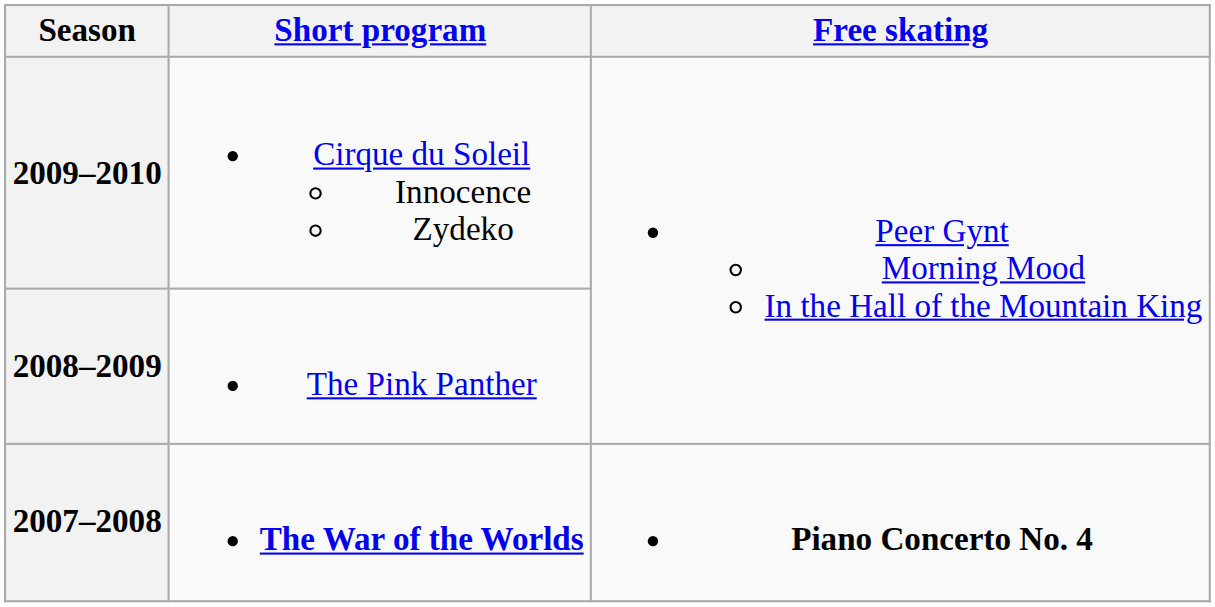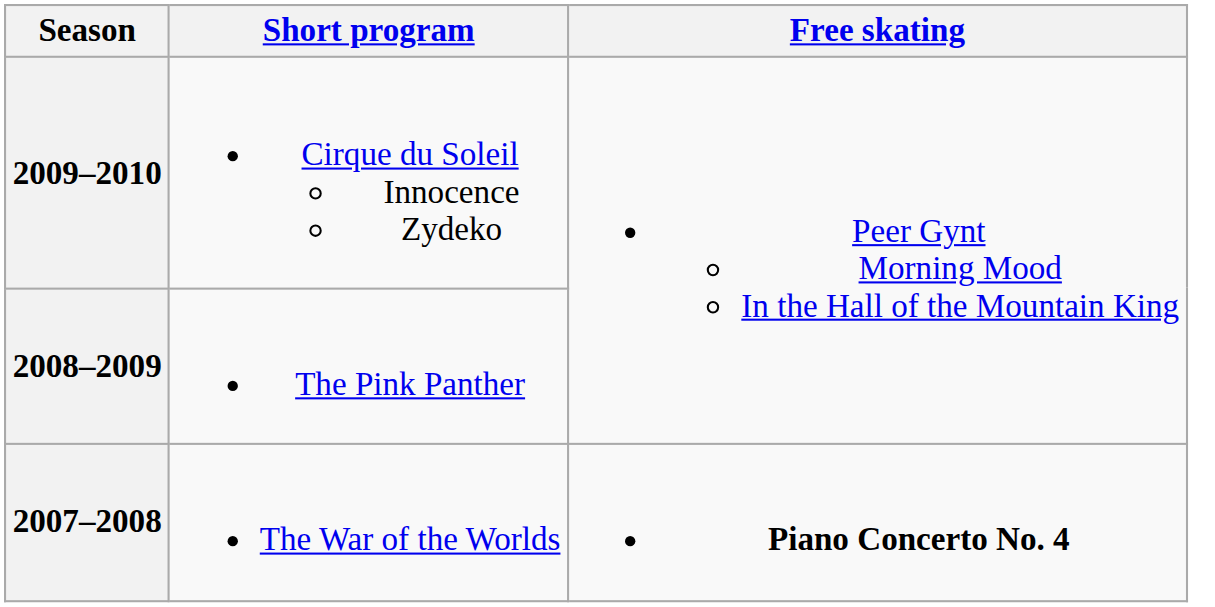 <table class=wikitable style=text-align:center>
 <tr>
 <th>Season</th>
 <th><a href='#'>Short program</a></th>
 <th><a href='#'>Free skating</a></th>
 </tr>
 <tr>
 <th>2009–2010 <br> </th>
 <td><br><ul><li><a href='#'>Cirque du Soleil</a><ul><li>Innocence</li><li>Zydeko <br> </li></ul></li></ul></td>
 <td rowspan="2"><br><ul><li><a href='#'>Peer Gynt</a><ul><li><a href='#'>Morning Mood</a></li><li><a href='#'>In the Hall of the Mountain King</a> <br></li></ul></li></ul></td>
 </tr>
 <tr>
 <th>2008–2009 <br> </th>
 <td><br><ul><li><a href='#'>The Pink Panther</a><br></li></ul></td>
 </tr>
 <tr>
 <th>2007–2008 <br> </th>
-<td><strong><br><ul><li><a href='#'>The War of the Worlds</a> <br></li></ul></strong></td>
+<td><br><ul><li><a href='#'>The War of the Worlds</a> <br></li></ul></td>
 <td><strong><br><ul><li>Piano Concerto No. 4 <br></li></ul></strong></td>
 </tr>
 </table>
